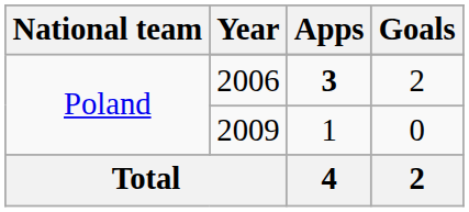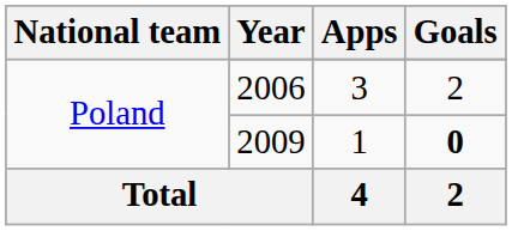 <table class="wikitable" style="text-align:center">
 <tr>
 <th>National team</th>
 <th>Year</th>
 <th>Apps</th>
 <th>Goals</th>
 </tr>
 <tr>
 <td rowspan="3"><a href='#'>Poland</a></td>
 </tr>
 <tr>
 <td>2006</td>
-<td><strong>3</strong></td>
+<td>3</td>
 <td>2</td>
 </tr>
 <tr>
 <td>2009</td>
 <td>1</td>
-<td>0</td>
+<td><strong>0</strong></td>
 </tr>
 <tr>
 <th colspan="2">Total</th>
 <th>4</th>
 <th>2</th>
 </tr>
 </table>
